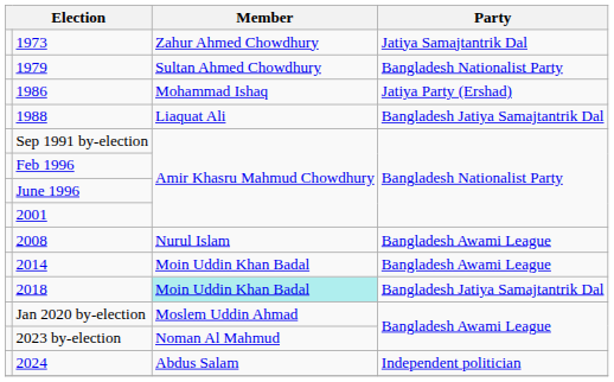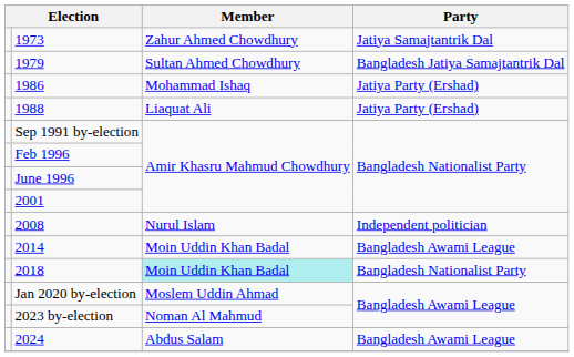 <table class="wikitable">
 <tr>
 <th colspan="2">Election</th>
 <th>Member</th>
 <th>Party</th>
 </tr>
 <tr>
 <td style="background-color:"></td>
 <td><a href='#'>1973</a></td>
 <td><a href='#'>Zahur Ahmed Chowdhury</a></td>
 <td><a href='#'>Jatiya Samajtantrik Dal</a></td>
 </tr>
 <tr>
 <td style="background-color:"></td>
 <td><a href='#'>1979</a></td>
 <td><a href='#'>Sultan Ahmed Chowdhury</a></td>
-<td><a href='#'>Bangladesh Nationalist Party</a></td>
+<td><a href='#'>Bangladesh Jatiya Samajtantrik Dal</a></td>
 </tr>
 <tr>
 <td style="background-color:"></td>
 <td><a href='#'>1986</a></td>
 <td><a href='#'>Mohammad Ishaq</a></td>
 <td><a href='#'>Jatiya Party (Ershad)</a><br></td>
 </tr>
 <tr>
 <td style="background-color:"></td>
 <td><a href='#'>1988</a></td>
 <td><a href='#'>Liaquat Ali</a></td>
-<td><a href='#'>Bangladesh Jatiya Samajtantrik Dal</a></td>
+<td><a href='#'>Jatiya Party (Ershad)</a></td>
 </tr>
 <tr>
 <td style="background-color:"></td>
 <td>Sep 1991 by-election</td>
 <td rowspan="4"><a href='#'>Amir Khasru Mahmud Chowdhury</a></td>
 <td rowspan="4"><a href='#'>Bangladesh Nationalist Party</a></td>
 </tr>
 <tr>
 <td style="background-color:"></td>
 <td><a href='#'>Feb 1996</a></td>
 </tr>
 <tr>
 <td style="background-color:"></td>
 <td><a href='#'>June 1996</a></td>
 </tr>
 <tr>
 <td style="background-color:"></td>
 <td><a href='#'>2001</a></td>
 </tr>
 <tr>
 <td style="background-color:"></td>
 <td><a href='#'>2008</a></td>
 <td><a href='#'>Nurul Islam</a></td>
-<td><a href='#'>Bangladesh Awami League</a></td>
+<td><a href='#'>Independent politician</a></td>
 </tr>
 <tr>
 <td style="background-color:"></td>
 <td><a href='#'>2014</a></td>
 <td><a href='#'>Moin Uddin Khan Badal</a></td>
 <td><a href='#'>Bangladesh Awami League</a></td>
 </tr>
 <tr>
 <td style="background-color:"></td>
 <td><a href='#'>2018</a></td>
 <td style="background: paleturquoise;"><a href='#'>Moin Uddin Khan Badal</a></td>
-<td><a href='#'>Bangladesh Jatiya Samajtantrik Dal</a></td>
+<td><a href='#'>Bangladesh Nationalist Party</a></td>
 </tr>
 <tr>
 <td style="background-color:"></td>
 <td>Jan 2020 by-election</td>
 <td><a href='#'>Moslem Uddin Ahmad</a></td>
 <td rowspan="2"><a href='#'>Bangladesh Awami League</a></td>
 </tr>
 <tr>
 <td style="background-color:"></td>
 <td>2023 by-election</td>
 <td><a href='#'>Noman Al Mahmud</a></td>
 </tr>
 <tr>
 <td style="background-color:"></td>
 <td><a href='#'>2024</a></td>
 <td><a href='#'>Abdus Salam</a></td>
-<td><a href='#'>Independent politician</a></td>
+<td><a href='#'>Bangladesh Awami League</a></td>
 </tr>
 <tr>
 </tr>
 </table>
